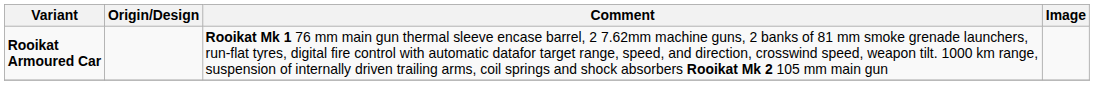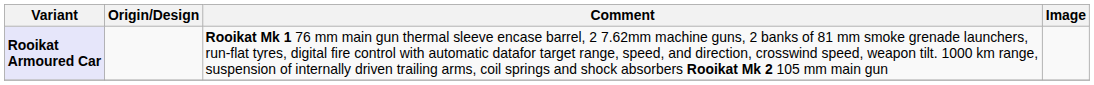 <table class="wikitable sortable">
 <tr>
 <th>Variant</th>
 <th>Origin/Design</th>
 <th>Comment</th>
 <th>Image</th>
 </tr>
 <tr>
-<td><strong>Rooikat Armoured Car</strong></td>
+<td style="background: lavender;"><strong>Rooikat Armoured Car</strong></td>
 <td></td>
 <td><strong>Rooikat Mk 1</strong> 76 mm main gun thermal sleeve encase barrel, 2 7.62mm machine guns, 2 banks of 81 mm smoke grenade launchers, run-flat tyres, digital fire control with automatic datafor target range, speed, and direction, crosswind speed, weapon tilt. 1000 km range, suspension of internally driven trailing arms, coil springs and shock absorbers <strong>Rooikat Mk 2</strong> 105 mm main gun</td>
 <td></td>
 </tr>
 <tr>
 </tr>
 </table>
